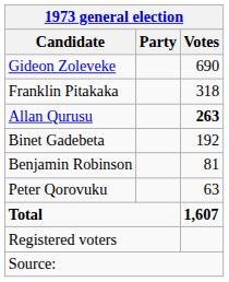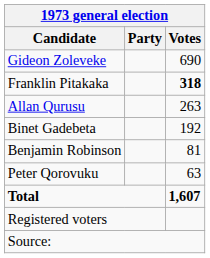 <table class=wikitable style=text-align:left>
 <tr>
 <th colspan=3><a href='#'>1973 general election</a></th>
 </tr>
 <tr>
 <th>Candidate</th>
 <th>Party</th>
 <th>Votes</th>
 </tr>
 <tr>
 <td><a href='#'>Gideon Zoleveke</a></td>
 <td></td>
 <td align=right>690</td>
 </tr>
 <tr>
 <td>Franklin Pitakaka</td>
 <td></td>
-<td align=right>318</td>
+<td align=right><strong>318</strong></td>
 </tr>
 <tr>
 <td><a href='#'>Allan Qurusu</a></td>
 <td></td>
-<td align=right><strong>263</strong></td>
+<td align=right>263</td>
 </tr>
 <tr>
 <td>Binet Gadebeta</td>
 <td></td>
 <td align=right>192</td>
 </tr>
 <tr>
 <td>Benjamin Robinson</td>
 <td></td>
 <td align=right>81</td>
 </tr>
 <tr>
 <td>Peter Qorovuku</td>
 <td></td>
 <td align=right>63</td>
 </tr>
 <tr>
 <td colspan=2><strong>Total</strong></td>
 <td><strong>1,607</strong></td>
 </tr>
 <tr>
 <td colspan=2>Registered voters</td>
 <td></td>
 </tr>
 <tr>
 <td colspan=3>Source: </td>
 </tr>
 </table>
